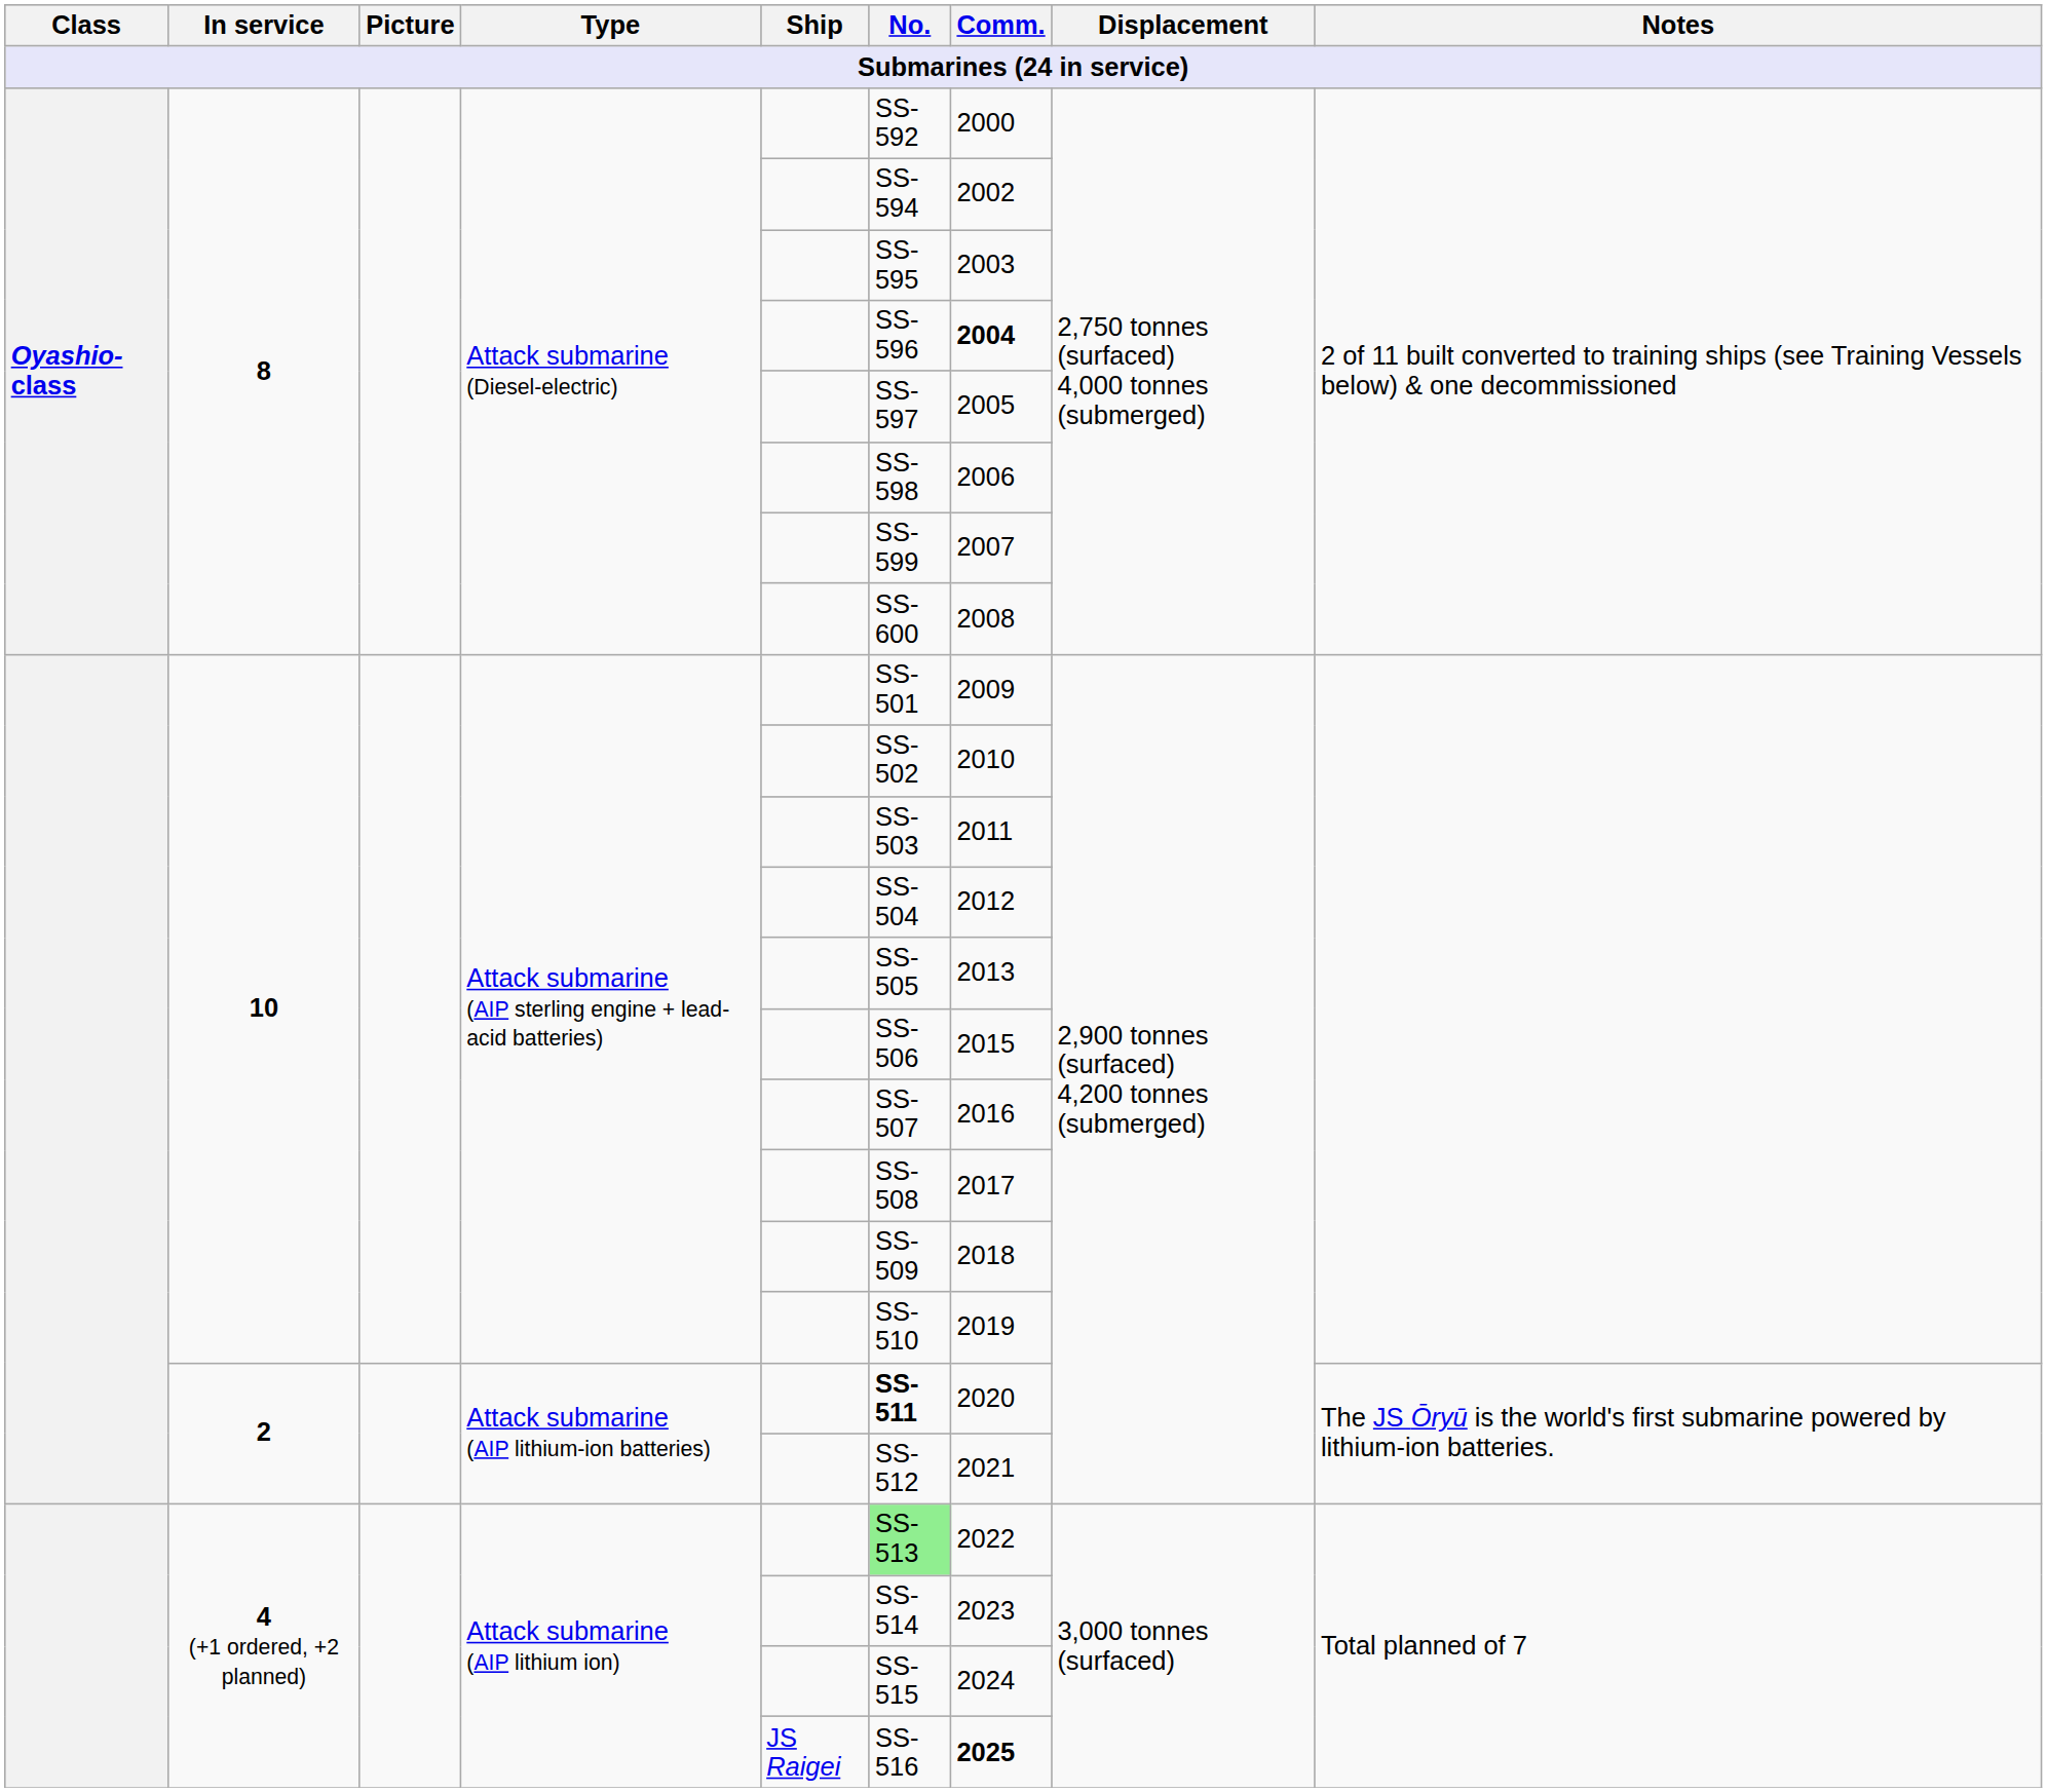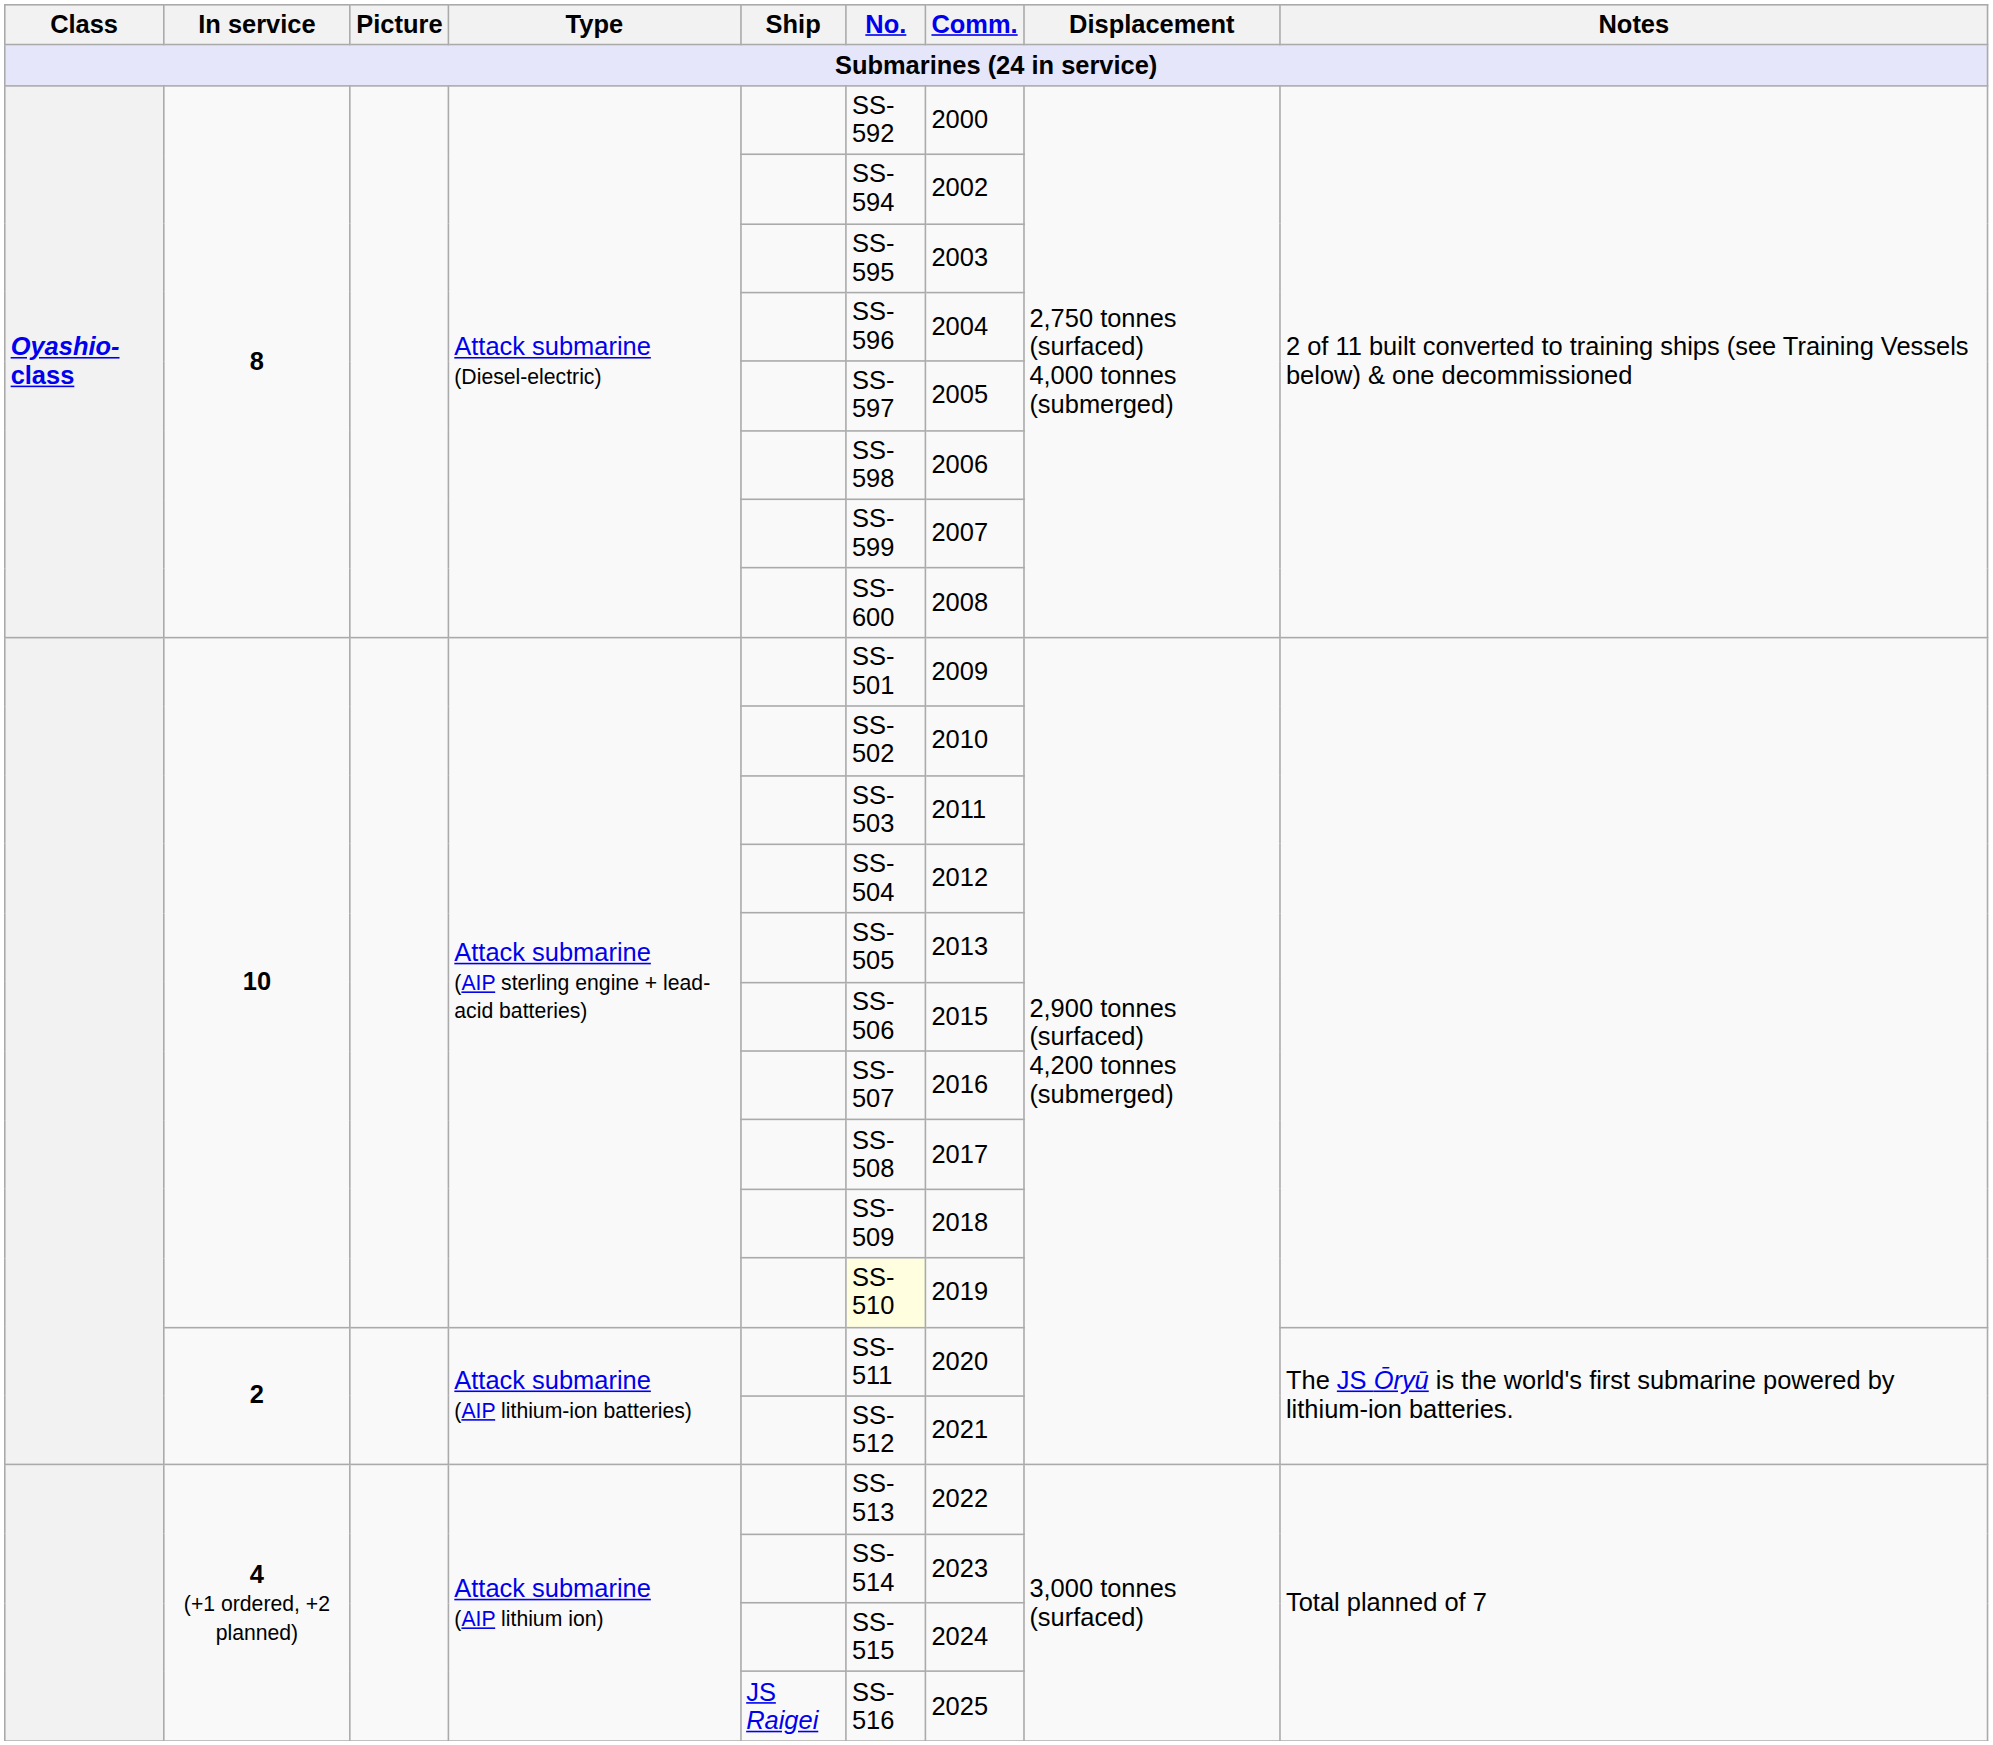 <table class="wikitable">
 <tr>
 <th>Class</th>
 <th>In service</th>
 <th>Picture</th>
 <th>Type</th>
 <th>Ship</th>
 <th><a href='#'>No.</a></th>
 <th><a href='#'>Comm.</a></th>
 <th>Displacement</th>
 <th>Notes</th>
 </tr>
 <tr>
 <th colspan="9" style="background: lavender;">Submarines (24 in service)</th>
 </tr>
 <tr>
 <th rowspan="8" style="text-align: left;"><a href='#'><em>Oyashio-</em>class</a></th>
 <td rowspan="8" style="text-align: center;"><strong>8</strong></td>
 <td rowspan="8"></td>
 <td rowspan="8"><a href='#'>Attack submarine</a><br><small>(Diesel-electric)</small></td>
 <td></td>
 <td>SS-592</td>
 <td>2000</td>
 <td rowspan="8">2,750 tonnes (surfaced)<br>4,000 tonnes (submerged)</td>
 <td rowspan="8">2 of 11 built converted to training ships (see Training Vessels below) & one decommissioned</td>
 </tr>
 <tr>
 <td></td>
 <td>SS-594</td>
 <td>2002</td>
 </tr>
 <tr>
 <td></td>
 <td>SS-595</td>
 <td>2003</td>
 </tr>
 <tr>
 <td></td>
 <td>SS-596</td>
-<td><strong>2004</strong></td>
+<td>2004</td>
 </tr>
 <tr>
 <td></td>
 <td>SS-597</td>
 <td>2005</td>
 </tr>
 <tr>
 <td></td>
 <td>SS-598</td>
 <td>2006</td>
 </tr>
 <tr>
 <td></td>
 <td>SS-599</td>
 <td>2007</td>
 </tr>
 <tr>
 <td></td>
 <td>SS-600</td>
 <td>2008</td>
 </tr>
 <tr>
 <th rowspan="12" style="text-align: left;"></th>
 <td rowspan="10" style="text-align: center;"><strong>10</strong></td>
 <td rowspan="10"></td>
 <td rowspan="10"><a href='#'>Attack submarine</a><br><small>(<a href='#'>AIP</a> sterling engine + lead-acid batteries)</small></td>
 <td></td>
 <td>SS-501</td>
 <td>2009</td>
 <td rowspan="12">2,900 tonnes (surfaced)<br>4,200 tonnes (submerged)</td>
 <td rowspan="10"></td>
 </tr>
 <tr>
 <td></td>
 <td>SS-502</td>
 <td>2010</td>
 </tr>
 <tr>
 <td></td>
 <td>SS-503</td>
 <td>2011</td>
 </tr>
 <tr>
 <td></td>
 <td>SS-504</td>
 <td>2012</td>
 </tr>
 <tr>
 <td></td>
 <td>SS-505</td>
 <td>2013</td>
 </tr>
 <tr>
 <td></td>
 <td>SS-506</td>
 <td>2015</td>
 </tr>
 <tr>
 <td></td>
 <td>SS-507</td>
 <td>2016</td>
 </tr>
 <tr>
 <td></td>
 <td>SS-508</td>
 <td>2017</td>
 </tr>
 <tr>
 <td></td>
 <td>SS-509</td>
 <td>2018</td>
 </tr>
 <tr>
 <td></td>
-<td>SS-510</td>
+<td style="background: lightyellow;">SS-510</td>
 <td>2019</td>
 </tr>
 <tr>
 <td rowspan="2" style="text-align: center;"><strong>2</strong></td>
 <td rowspan="2"></td>
 <td rowspan="2"><a href='#'>Attack submarine</a><br><small>(<a href='#'>AIP</a> lithium-ion batteries)</small></td>
 <td></td>
-<td><strong>SS-511</strong></td>
+<td>SS-511</td>
 <td>2020</td>
 <td rowspan="2">The <a href='#'>JS <em>Ōryū</em></a> is the world's first submarine powered by lithium-ion batteries.</td>
 </tr>
 <tr>
 <td></td>
 <td>SS-512</td>
 <td>2021</td>
 </tr>
 <tr>
 <th rowspan="4" style="text-align: left;"></th>
 <td rowspan="4" style="text-align: center;"><strong>4</strong><br><small>(+1 ordered, +2 planned)</small></td>
 <td rowspan="4"></td>
 <td rowspan="4"><a href='#'>Attack submarine</a><br><small>(<a href='#'>AIP</a> lithium ion)</small></td>
 <td></td>
-<td style="background: lightgreen;">SS-513</td>
+<td>SS-513</td>
 <td>2022</td>
 <td rowspan="4">3,000 tonnes (surfaced)</td>
 <td rowspan="4">Total planned of 7</td>
 </tr>
 <tr>
 <td></td>
 <td>SS-514</td>
 <td>2023</td>
 </tr>
 <tr>
 <td></td>
 <td>SS-515</td>
 <td>2024</td>
 </tr>
 <tr>
 <td><a href='#'>JS <em>Raigei</em></a></td>
 <td>SS-516</td>
-<td><strong>2025</strong></td>
+<td>2025</td>
 </tr>
 </table>
